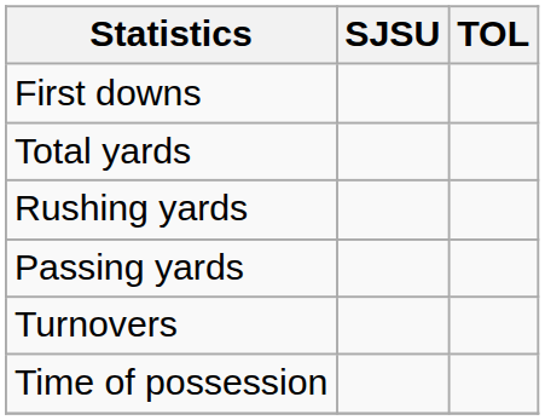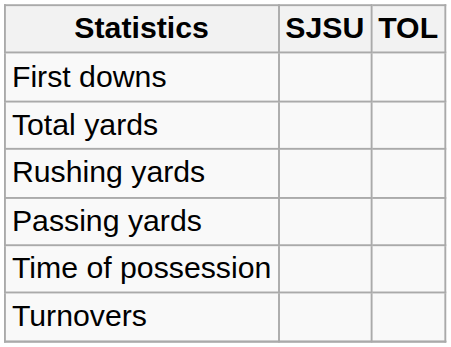 <table class="wikitable" style="float: left;">
 <tr>
 <th>Statistics</th>
 <th>SJSU</th>
 <th>TOL</th>
 </tr>
 <tr>
 <td>First downs</td>
 <td></td>
 <td></td>
 </tr>
 <tr>
 <td>Total yards</td>
 <td></td>
 <td></td>
 </tr>
 <tr>
 <td>Rushing yards</td>
 <td></td>
 <td></td>
 </tr>
 <tr>
 <td>Passing yards</td>
 <td></td>
 <td></td>
 </tr>
 <tr>
-<td>Turnovers</td>
+<td>Time of possession</td>
 <td></td>
 <td></td>
 </tr>
 <tr>
-<td>Time of possession</td>
+<td>Turnovers</td>
 <td></td>
 <td></td>
 </tr>
 <tr>
 </tr>
 </table>
